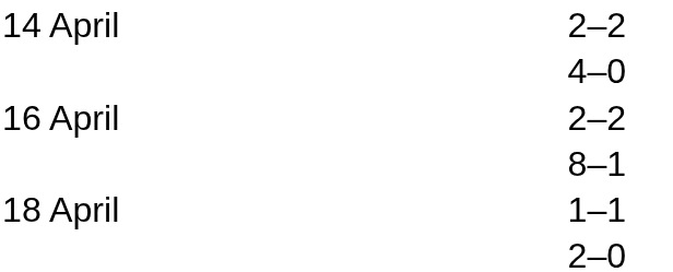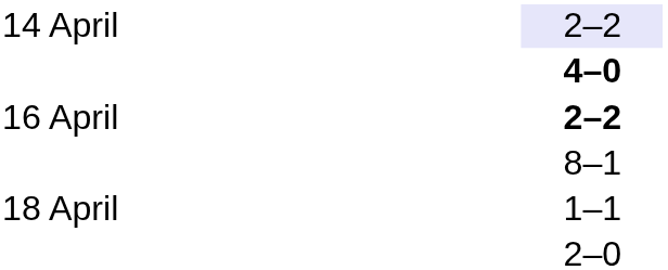 <table cellspacing=1 width=70%>
 <tr>
 <th width=25%></th>
 <th width=30%></th>
 <th width=15%></th>
 <th width=30%></th>
 </tr>
 <tr>
 <td>14 April</td>
 <td align=right></td>
-<td align=center>2–2</td>
+<td align=center style="background: lavender;">2–2</td>
 <td></td>
 </tr>
 <tr>
 <td></td>
 <td align=right></td>
-<td align=center>4–0</td>
+<td align=center><strong>4–0</strong></td>
 <td></td>
 </tr>
 <tr>
 <td>16 April</td>
 <td align=right></td>
-<td align=center>2–2</td>
+<td align=center><strong>2–2</strong></td>
 <td></td>
 </tr>
 <tr>
 <td></td>
 <td align=right></td>
 <td align=center>8–1</td>
 <td></td>
 </tr>
 <tr>
 <td>18 April</td>
 <td align=right></td>
 <td align=center>1–1</td>
 <td></td>
 </tr>
 <tr>
 <td></td>
 <td align=right></td>
 <td align=center>2–0</td>
 <td></td>
 </tr>
 </table>
